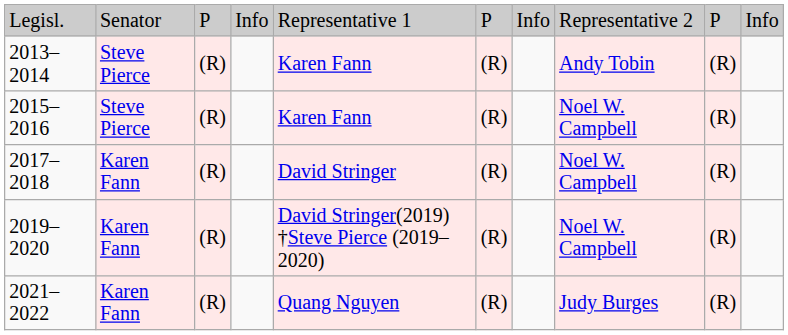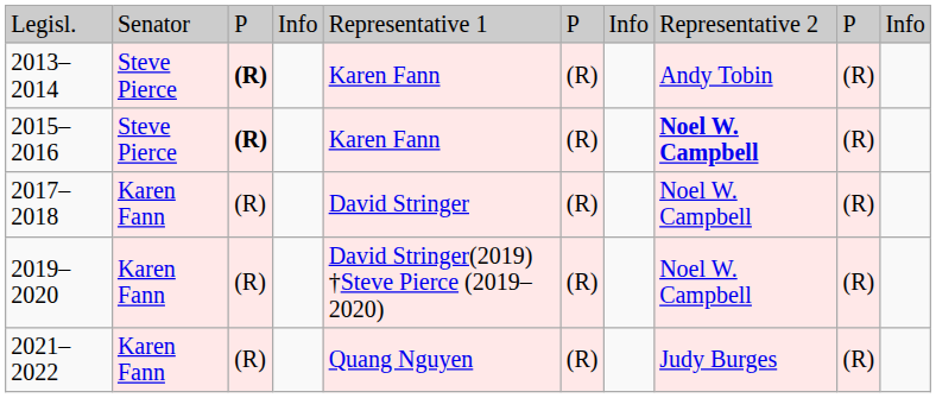 <table class=wikitable width="100%" border="1">
 <tr style="background-color:#cccccc;">
 <td>Legisl.</td>
 <td>Senator</td>
 <td>P</td>
 <td>Info</td>
 <td>Representative 1</td>
 <td>P</td>
 <td>Info</td>
 <td>Representative 2</td>
 <td>P</td>
 <td>Info</td>
 </tr>
 <tr>
 <td>2013–2014</td>
 <td style="background:#FFE8E8"><a href='#'>Steve Pierce</a></td>
-<td style="background:#FFE8E8">(R)</td>
+<td style="background:#FFE8E8"><strong>(R)</strong></td>
 <td></td>
 <td style="background:#FFE8E8"><a href='#'>Karen Fann</a></td>
 <td style="background:#FFE8E8">(R)</td>
 <td></td>
 <td style="background:#FFE8E8"><a href='#'>Andy Tobin</a></td>
 <td style="background:#FFE8E8">(R)</td>
 <td></td>
 </tr>
 <tr>
 <td>2015–2016</td>
 <td style="background:#FFE8E8"><a href='#'>Steve Pierce</a></td>
-<td style="background:#FFE8E8">(R)</td>
+<td style="background:#FFE8E8"><strong>(R)</strong></td>
 <td></td>
 <td style="background:#FFE8E8"><a href='#'>Karen Fann</a></td>
 <td style="background:#FFE8E8">(R)</td>
 <td></td>
-<td style="background:#FFE8E8"><a href='#'>Noel W. Campbell</a></td>
+<td style="background:#FFE8E8"><strong><a href='#'>Noel W. Campbell</a></strong></td>
 <td style="background:#FFE8E8">(R)</td>
 <td></td>
 </tr>
 <tr>
 <td>2017–2018</td>
 <td style="background:#FFE8E8"><a href='#'>Karen Fann</a></td>
 <td style="background:#FFE8E8">(R)</td>
 <td></td>
 <td style="background:#FFE8E8"><a href='#'>David Stringer</a></td>
 <td style="background:#FFE8E8">(R)</td>
 <td></td>
 <td style="background:#FFE8E8"><a href='#'>Noel W. Campbell</a></td>
 <td style="background:#FFE8E8">(R)</td>
 <td></td>
 </tr>
 <tr>
 <td>2019–2020</td>
 <td style="background:#FFE8E8"><a href='#'>Karen Fann</a></td>
 <td style="background:#FFE8E8">(R)</td>
 <td></td>
 <td style="background:#FFE8E8"><a href='#'>David Stringer</a>(2019) <br>†<a href='#'>Steve Pierce</a> (2019–2020)</td>
 <td style="background:#FFE8E8">(R)</td>
 <td></td>
 <td style="background:#FFE8E8"><a href='#'>Noel W. Campbell</a></td>
 <td style="background:#FFE8E8">(R)</td>
 <td></td>
 </tr>
 <tr>
 <td>2021–2022</td>
 <td style="background:#FFE8E8"><a href='#'>Karen Fann</a></td>
 <td style="background:#FFE8E8">(R)</td>
 <td></td>
 <td style="background:#FFE8E8"><a href='#'>Quang Nguyen</a></td>
 <td style="background:#FFE8E8">(R)</td>
 <td></td>
 <td style="background:#FFE8E8"><a href='#'>Judy Burges</a></td>
 <td style="background:#FFE8E8">(R)</td>
 <td></td>
 </tr>
 </table>
